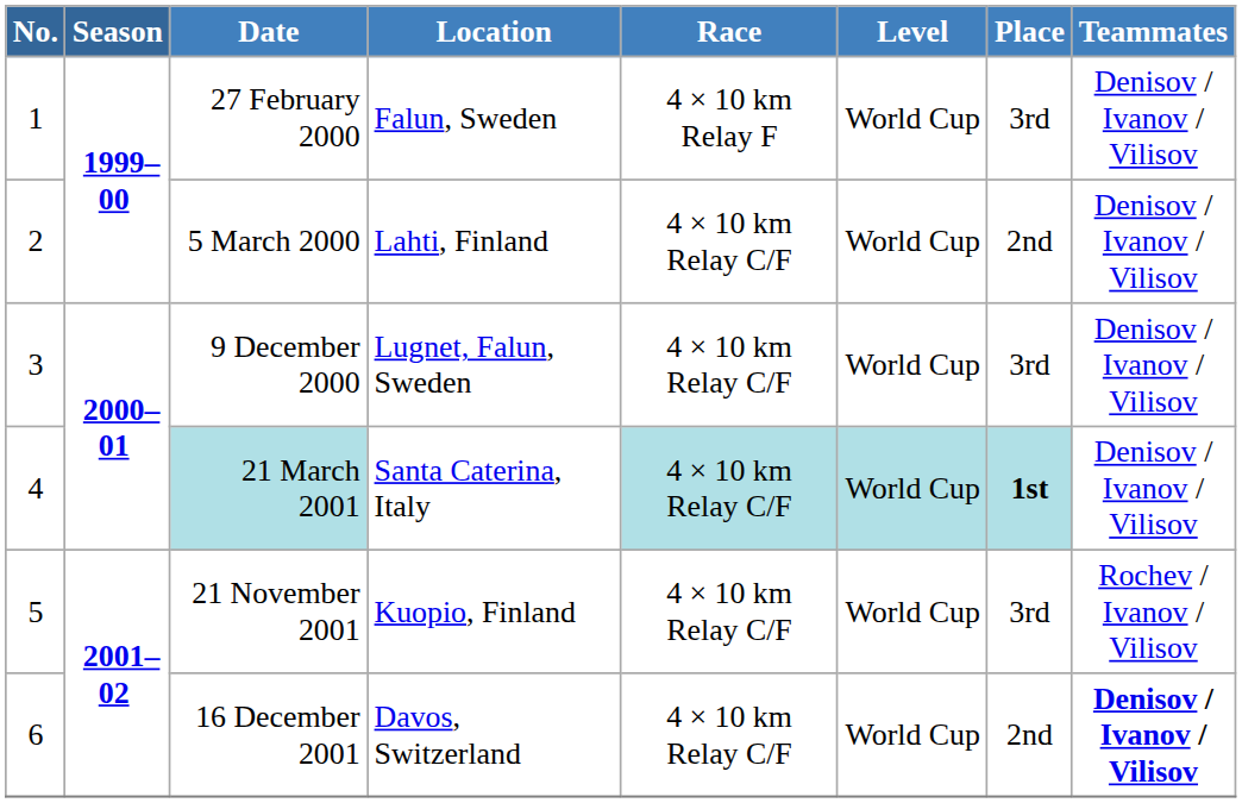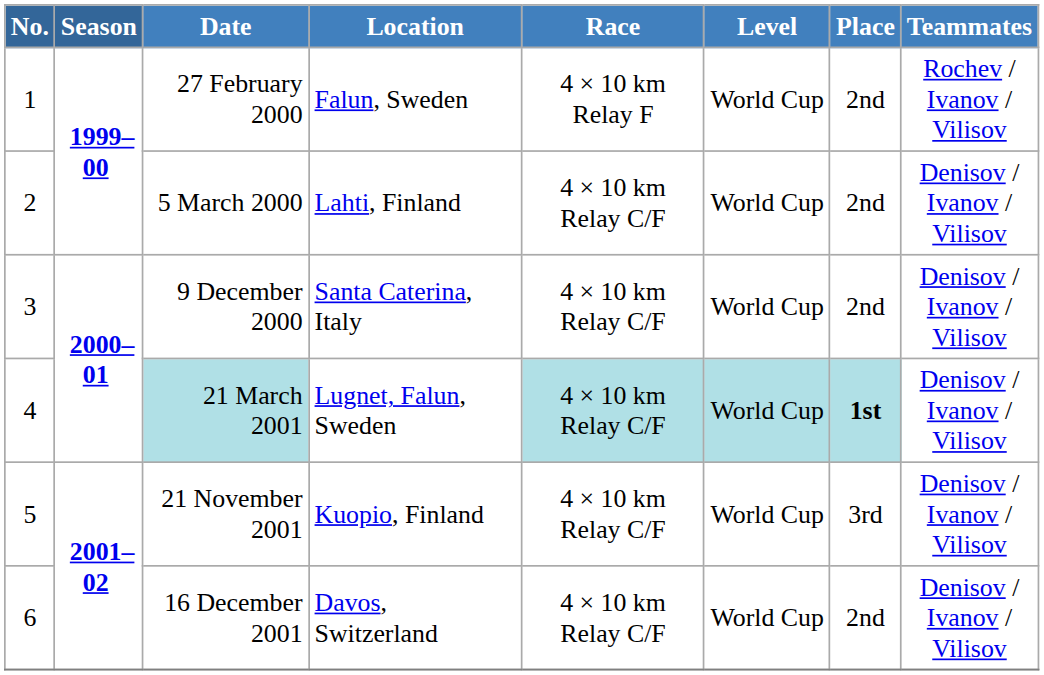 <table class="wikitable sortable" style="font-size:95%; text-align:center; border:grey solid 1px; border-collapse:collapse; background:#ffffff;">
 <tr style="background:#efefef;">
 <th style="background-color:#369; color:white;">No.</th>
 <th style="background-color:#369; color:white;">Season</th>
 <th style="background-color:#4180be; color:white; width:120px;">Date</th>
 <th style="background-color:#4180be; color:white; width:170px;">Location</th>
 <th style="background-color:#4180be; color:white; width:170px;">Race</th>
 <th style="background-color:#4180be; color:white; width:100px;">Level</th>
 <th style="background-color:#4180be; color:white;">Place</th>
 <th style="background-color:#4180be; color:white;">Teammates</th>
 </tr>
 <tr>
 <td align=center>1</td>
 <td rowspan=2 align=center><strong> <a href='#'>1999–00</a> </strong></td>
 <td align=right>27 February 2000</td>
 <td align=left> <a href='#'>Falun</a>, Sweden</td>
 <td>4 × 10 km Relay F</td>
 <td>World Cup</td>
-<td>3rd</td>
-<td><a href='#'>Denisov</a> / <a href='#'>Ivanov</a> / <a href='#'>Vilisov</a></td>
+<td>2nd</td>
+<td><a href='#'>Rochev</a> / <a href='#'>Ivanov</a> / <a href='#'>Vilisov</a></td>
 </tr>
 <tr>
 <td align=center>2</td>
 <td align=right>5 March 2000</td>
 <td align=left> <a href='#'>Lahti</a>, Finland</td>
 <td>4 × 10 km Relay C/F</td>
 <td>World Cup</td>
 <td>2nd</td>
 <td><a href='#'>Denisov</a> / <a href='#'>Ivanov</a> / <a href='#'>Vilisov</a></td>
 </tr>
 <tr>
 <td align=center>3</td>
 <td rowspan=2 align=center><strong> <a href='#'>2000–01</a> </strong></td>
 <td align=right>9 December 2000</td>
-<td align=left> <a href='#'>Lugnet, Falun</a>, Sweden</td>
+<td align=left> <a href='#'>Santa Caterina</a>, Italy</td>
 <td>4 × 10 km Relay C/F</td>
 <td>World Cup</td>
-<td>3rd</td>
+<td>2nd</td>
 <td><a href='#'>Denisov</a> / <a href='#'>Ivanov</a> / <a href='#'>Vilisov</a></td>
 </tr>
 <tr>
 <td align=center>4</td>
 <td bgcolor="#BOEOE6" align=right>21 March 2001</td>
-<td align=left> <a href='#'>Santa Caterina</a>, Italy</td>
+<td align=left> <a href='#'>Lugnet, Falun</a>, Sweden</td>
 <td bgcolor="#BOEOE6">4 × 10 km Relay C/F</td>
 <td bgcolor="#BOEOE6">World Cup</td>
 <td bgcolor="#BOEOE6"><strong>1st</strong></td>
 <td><a href='#'>Denisov</a> / <a href='#'>Ivanov</a> / <a href='#'>Vilisov</a></td>
 </tr>
 <tr>
 <td align=center>5</td>
 <td rowspan=2 align=center><strong> <a href='#'>2001–02</a> </strong></td>
 <td align=right>21 November 2001</td>
 <td align=left> <a href='#'>Kuopio</a>, Finland</td>
 <td>4 × 10 km Relay C/F</td>
 <td>World Cup</td>
 <td>3rd</td>
-<td><a href='#'>Rochev</a> / <a href='#'>Ivanov</a> / <a href='#'>Vilisov</a></td>
+<td><a href='#'>Denisov</a> / <a href='#'>Ivanov</a> / <a href='#'>Vilisov</a></td>
 </tr>
 <tr>
 <td align=center>6</td>
 <td align=right>16 December 2001</td>
 <td align=left> <a href='#'>Davos</a>, Switzerland</td>
 <td>4 × 10 km Relay C/F</td>
 <td>World Cup</td>
 <td>2nd</td>
-<td><strong><a href='#'>Denisov</a> / <a href='#'>Ivanov</a> / <a href='#'>Vilisov</a></strong></td>
+<td><a href='#'>Denisov</a> / <a href='#'>Ivanov</a> / <a href='#'>Vilisov</a></td>
 </tr>
 <tr>
 </tr>
 </table>
